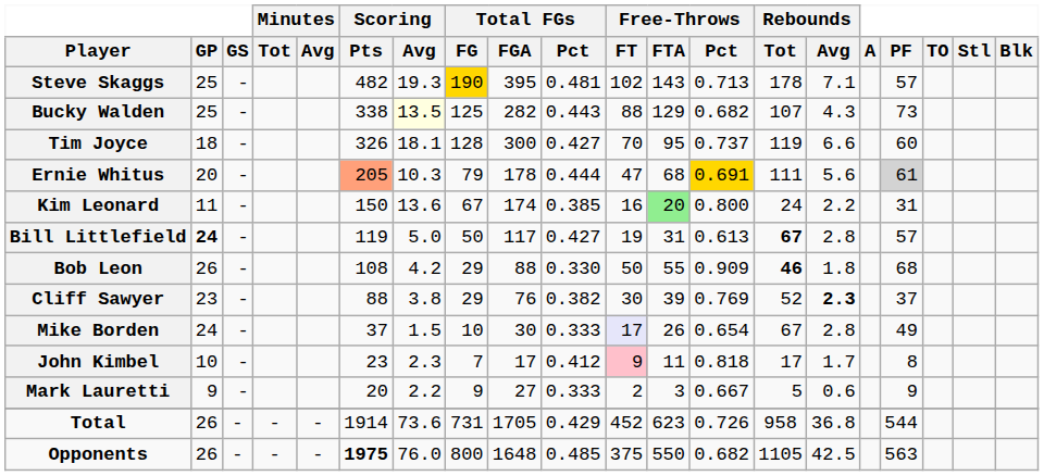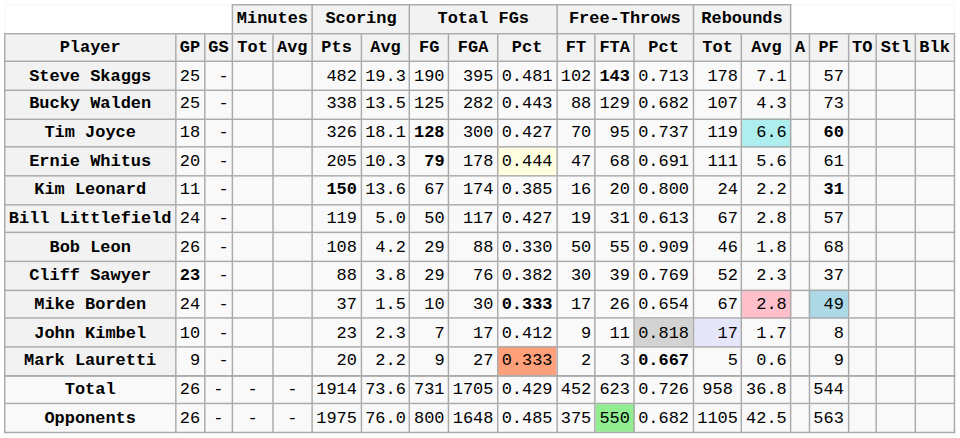 <table class="wikitable sortable" border="1" style="font-size:90%;">
 <tr>
 <th colspan="3" style="border-top-style:hidden; border-left-style:hidden; background: white;"></th>
 <th colspan="2" style=>Minutes</th>
 <th colspan="2" style=>Scoring</th>
 <th colspan="3" style=>Total FGs</th>
 <th colspan="3" style=>Free-Throws</th>
 <th colspan="2" style=>Rebounds</th>
 <th colspan="5" style="border-top-style:hidden; border-right-style:hidden; background: white;"></th>
 </tr>
 <tr>
 <th scope="col" style=>Player</th>
 <th scope="col" style=>GP</th>
 <th scope="col" style=>GS</th>
 <th scope="col" style=>Tot</th>
 <th scope="col" style=>Avg</th>
 <th scope="col" style=>Pts</th>
 <th scope="col" style=>Avg</th>
 <th scope="col" style=>FG</th>
 <th scope="col" style=>FGA</th>
 <th scope="col" style=>Pct</th>
 <th scope="col" style=>FT</th>
 <th scope="col" style=>FTA</th>
 <th scope="col" style=>Pct</th>
 <th scope="col" style=>Tot</th>
 <th scope="col" style=>Avg</th>
 <th scope="col" style=>A</th>
 <th scope="col" style=>PF</th>
 <th scope="col" style=>TO</th>
 <th scope="col" style=>Stl</th>
 <th scope="col" style=>Blk</th>
 </tr>
 <tr>
 <th>Steve Skaggs</th>
 <td align="right">25</td>
 <td align="right">-</td>
 <td align="right"></td>
 <td align="right"></td>
 <td align="right">482</td>
 <td align="right">19.3</td>
-<td align="right" style="background: gold;">190</td>
+<td align="right">190</td>
 <td align="right">395</td>
 <td align="right">0.481</td>
 <td align="right">102</td>
-<td align="right">143</td>
+<td align="right"><strong>143</strong></td>
 <td align="right">0.713</td>
 <td align="right">178</td>
 <td align="right">7.1</td>
 <td align="right"></td>
 <td align="right">57</td>
 <td align="right"></td>
 <td align="right"></td>
 <td align="right"></td>
 </tr>
 <tr>
 <th>Bucky Walden</th>
 <td align="right">25</td>
 <td align="right">-</td>
 <td align="right"></td>
 <td align="right"></td>
 <td align="right">338</td>
-<td align="right" style="background: lightyellow;">13.5</td>
+<td align="right">13.5</td>
 <td align="right">125</td>
 <td align="right">282</td>
 <td align="right">0.443</td>
 <td align="right">88</td>
 <td align="right">129</td>
 <td align="right">0.682</td>
 <td align="right">107</td>
 <td align="right">4.3</td>
 <td align="right"></td>
 <td align="right">73</td>
 <td align="right"></td>
 <td align="right"></td>
 <td align="right"></td>
 </tr>
 <tr>
 <th>Tim Joyce</th>
 <td align="right">18</td>
 <td align="right">-</td>
 <td align="right"></td>
 <td align="right"></td>
 <td align="right">326</td>
 <td align="right">18.1</td>
-<td align="right">128</td>
+<td align="right"><strong>128</strong></td>
 <td align="right">300</td>
 <td align="right">0.427</td>
 <td align="right">70</td>
 <td align="right">95</td>
 <td align="right">0.737</td>
 <td align="right">119</td>
-<td align="right">6.6</td>
+<td align="right" style="background: paleturquoise;">6.6</td>
 <td align="right"></td>
-<td align="right">60</td>
+<td align="right"><strong>60</strong></td>
 <td align="right"></td>
 <td align="right"></td>
 <td align="right"></td>
 </tr>
 <tr>
 <th>Ernie Whitus</th>
 <td align="right">20</td>
 <td align="right">-</td>
 <td align="right"></td>
 <td align="right"></td>
-<td align="right" style="background: lightsalmon;">205</td>
+<td align="right">205</td>
 <td align="right">10.3</td>
-<td align="right">79</td>
+<td align="right"><strong>79</strong></td>
 <td align="right">178</td>
-<td align="right">0.444</td>
+<td align="right" style="background: lightyellow;">0.444</td>
 <td align="right">47</td>
 <td align="right">68</td>
-<td align="right" style="background: gold;">0.691</td>
+<td align="right">0.691</td>
 <td align="right">111</td>
 <td align="right">5.6</td>
 <td align="right"></td>
-<td align="right" style="background: lightgrey;">61</td>
+<td align="right">61</td>
 <td align="right"></td>
 <td align="right"></td>
 <td align="right"></td>
 </tr>
 <tr>
 <th>Kim Leonard</th>
 <td align="right">11</td>
 <td align="right">-</td>
 <td align="right"></td>
 <td align="right"></td>
-<td align="right">150</td>
+<td align="right"><strong>150</strong></td>
 <td align="right">13.6</td>
 <td align="right">67</td>
 <td align="right">174</td>
 <td align="right">0.385</td>
 <td align="right">16</td>
-<td align="right" style="background: lightgreen;">20</td>
+<td align="right">20</td>
 <td align="right">0.800</td>
 <td align="right">24</td>
 <td align="right">2.2</td>
 <td align="right"></td>
-<td align="right">31</td>
+<td align="right"><strong>31</strong></td>
 <td align="right"></td>
 <td align="right"></td>
 <td align="right"></td>
 </tr>
 <tr>
 <th>Bill Littlefield</th>
-<td align="right"><strong>24</strong></td>
+<td align="right">24</td>
 <td align="right">-</td>
 <td align="right"></td>
 <td align="right"></td>
 <td align="right">119</td>
 <td align="right">5.0</td>
 <td align="right">50</td>
 <td align="right">117</td>
 <td align="right">0.427</td>
 <td align="right">19</td>
 <td align="right">31</td>
 <td align="right">0.613</td>
-<td align="right"><strong>67</strong></td>
+<td align="right">67</td>
 <td align="right">2.8</td>
 <td align="right"></td>
 <td align="right">57</td>
 <td align="right"></td>
 <td align="right"></td>
 <td align="right"></td>
 </tr>
 <tr>
 <th>Bob Leon</th>
 <td align="right">26</td>
 <td align="right">-</td>
 <td align="right"></td>
 <td align="right"></td>
 <td align="right">108</td>
 <td align="right">4.2</td>
 <td align="right">29</td>
 <td align="right">88</td>
 <td align="right">0.330</td>
 <td align="right">50</td>
 <td align="right">55</td>
 <td align="right">0.909</td>
-<td align="right"><strong>46</strong></td>
+<td align="right">46</td>
 <td align="right">1.8</td>
 <td align="right"></td>
 <td align="right">68</td>
 <td align="right"></td>
 <td align="right"></td>
 <td align="right"></td>
 </tr>
 <tr>
 <th>Cliff Sawyer</th>
-<td align="right">23</td>
+<td align="right"><strong>23</strong></td>
 <td align="right">-</td>
 <td align="right"></td>
 <td align="right"></td>
 <td align="right">88</td>
 <td align="right">3.8</td>
 <td align="right">29</td>
 <td align="right">76</td>
 <td align="right">0.382</td>
 <td align="right">30</td>
 <td align="right">39</td>
 <td align="right">0.769</td>
 <td align="right">52</td>
-<td align="right"><strong>2.3</strong></td>
+<td align="right">2.3</td>
 <td align="right"></td>
 <td align="right">37</td>
 <td align="right"></td>
 <td align="right"></td>
 <td align="right"></td>
 </tr>
 <tr>
 <th>Mike Borden</th>
 <td align="right">24</td>
 <td align="right">-</td>
 <td align="right"></td>
 <td align="right"></td>
 <td align="right">37</td>
 <td align="right">1.5</td>
 <td align="right">10</td>
 <td align="right">30</td>
-<td align="right">0.333</td>
-<td align="right" style="background: lavender;">17</td>
+<td align="right"><strong>0.333</strong></td>
+<td align="right">17</td>
 <td align="right">26</td>
 <td align="right">0.654</td>
 <td align="right">67</td>
-<td align="right">2.8</td>
+<td align="right" style="background: pink;">2.8</td>
 <td align="right"></td>
-<td align="right">49</td>
+<td align="right" style="background: lightblue;">49</td>
 <td align="right"></td>
 <td align="right"></td>
 <td align="right"></td>
 </tr>
 <tr>
 <th>John Kimbel</th>
 <td align="right">10</td>
 <td align="right">-</td>
 <td align="right"></td>
 <td align="right"></td>
 <td align="right">23</td>
 <td align="right">2.3</td>
 <td align="right">7</td>
 <td align="right">17</td>
 <td align="right">0.412</td>
-<td align="right" style="background: pink;">9</td>
+<td align="right">9</td>
 <td align="right">11</td>
-<td align="right">0.818</td>
-<td align="right">17</td>
+<td align="right" style="background: lightgrey;">0.818</td>
+<td align="right" style="background: lavender;">17</td>
 <td align="right">1.7</td>
 <td align="right"></td>
 <td align="right">8</td>
 <td align="right"></td>
 <td align="right"></td>
 <td align="right"></td>
 </tr>
 <tr>
 <th>Mark Lauretti</th>
 <td align="right">9</td>
 <td align="right">-</td>
 <td align="right"></td>
 <td align="right"></td>
 <td align="right">20</td>
 <td align="right">2.2</td>
 <td align="right">9</td>
 <td align="right">27</td>
-<td align="right">0.333</td>
+<td align="right" style="background: lightsalmon;">0.333</td>
 <td align="right">2</td>
 <td align="right">3</td>
-<td align="right">0.667</td>
+<td align="right"><strong>0.667</strong></td>
 <td align="right">5</td>
 <td align="right">0.6</td>
 <td align="right"></td>
 <td align="right">9</td>
 <td align="right"></td>
 <td align="right"></td>
 <td align="right"></td>
 </tr>
 <tr>
 </tr>
 <tr class="sortbottom">
 <td align="center" style=><strong>Total</strong></td>
 <td align="center" style=>26</td>
 <td align="center" style=>-</td>
 <td align="center" style=>-</td>
 <td align="center" style=>-</td>
 <td align="center" style=>1914</td>
 <td align="center" style=>73.6</td>
 <td align="center" style=>731</td>
 <td align="center" style=>1705</td>
 <td align="center" style=>0.429</td>
 <td align="center" style=>452</td>
 <td align="center" style=>623</td>
 <td align="center" style=>0.726</td>
 <td align="center" style=>958</td>
 <td align="center" style=>36.8</td>
 <td align="center" style=></td>
 <td align="center" style=>544</td>
 <td align="center" style=></td>
 <td align="center" style=></td>
 <td align="center" style=></td>
 </tr>
 <tr class="sortbottom">
 <td align="center"><strong>Opponents</strong></td>
 <td align="center">26</td>
 <td align="center">-</td>
 <td align="center">-</td>
 <td align="center">-</td>
-<td align="center"><strong>1975</strong></td>
+<td align="center">1975</td>
 <td align="center">76.0</td>
 <td align="center">800</td>
 <td align="center">1648</td>
 <td align="center">0.485</td>
 <td align="center">375</td>
-<td align="center">550</td>
+<td align="center" style="background: lightgreen;">550</td>
 <td align="center">0.682</td>
 <td align="center">1105</td>
 <td align="center">42.5</td>
 <td align="center"></td>
 <td align="center">563</td>
 <td align="center"></td>
 <td align="center"></td>
 <td align="center"></td>
 </tr>
 </table>
